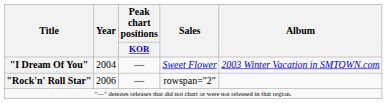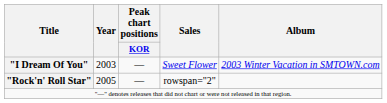 <table class="wikitable plainrowheaders" style="text-align:center">
 <tr>
 <th scope="col" rowspan="2">Title</th>
 <th scope="col" rowspan="2">Year</th>
 <th scope="col" colspan="1">Peak chart positions</th>
 <th scope="col" rowspan="2">Sales</th>
 <th scope="col" rowspan="2">Album</th>
 </tr>
 <tr>
 <th style="text-align:center; width:30px; font-size:90%;"><a href='#'>KOR</a><br></th>
 </tr>
 <tr>
 <th scope="row">"I Dream Of You"</th>
-<td>2004</td>
+<td>2003</td>
 <td>—</td>
 <td rowspan="1"><em><a href='#'>Sweet Flower</a></em></td>
 <td><em><a href='#'>2003 Winter Vacation in SMTOWN.com</a></em></td>
 </tr>
 <tr>
 <th scope="row">"Rock'n' Roll Star"</th>
-<td>2006</td>
+<td>2005</td>
 <td>—</td>
 <td>rowspan="2" </td>
 </tr>
 <tr>
 <td colspan="5" style="font-size:8pt;">"—" denotes releases that did not chart or were not released in that region.</td>
 </tr>
 </table>
